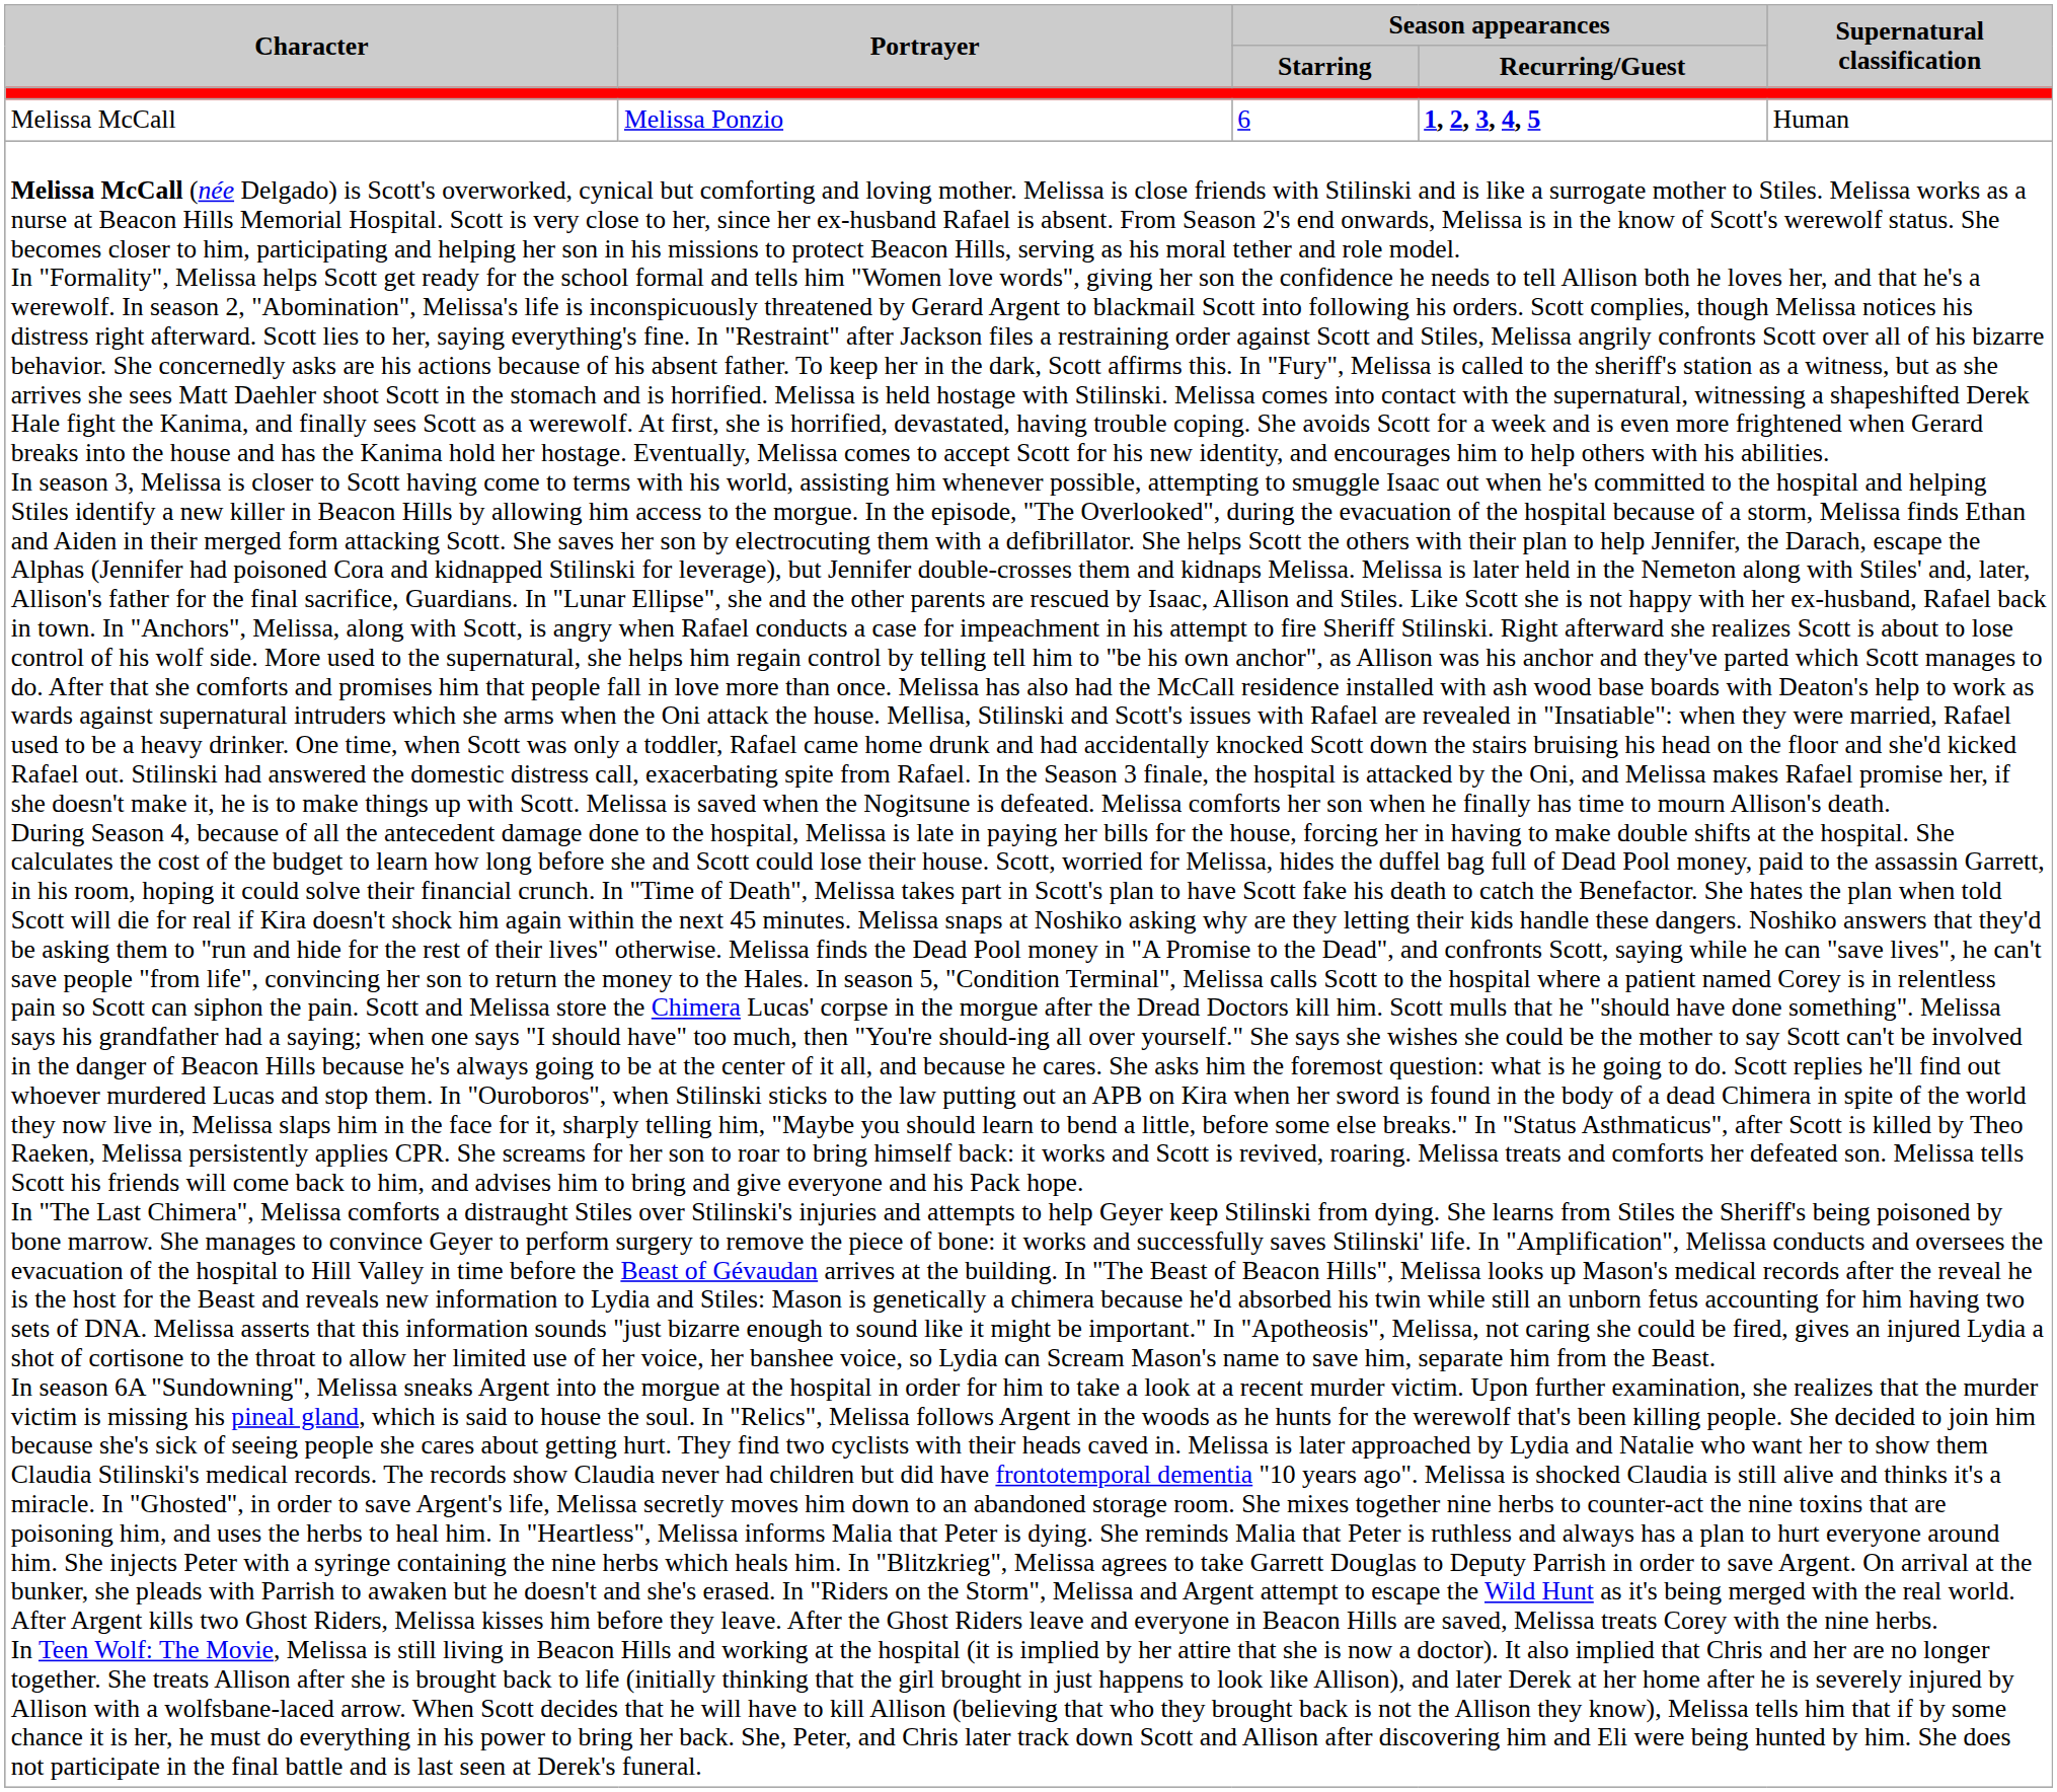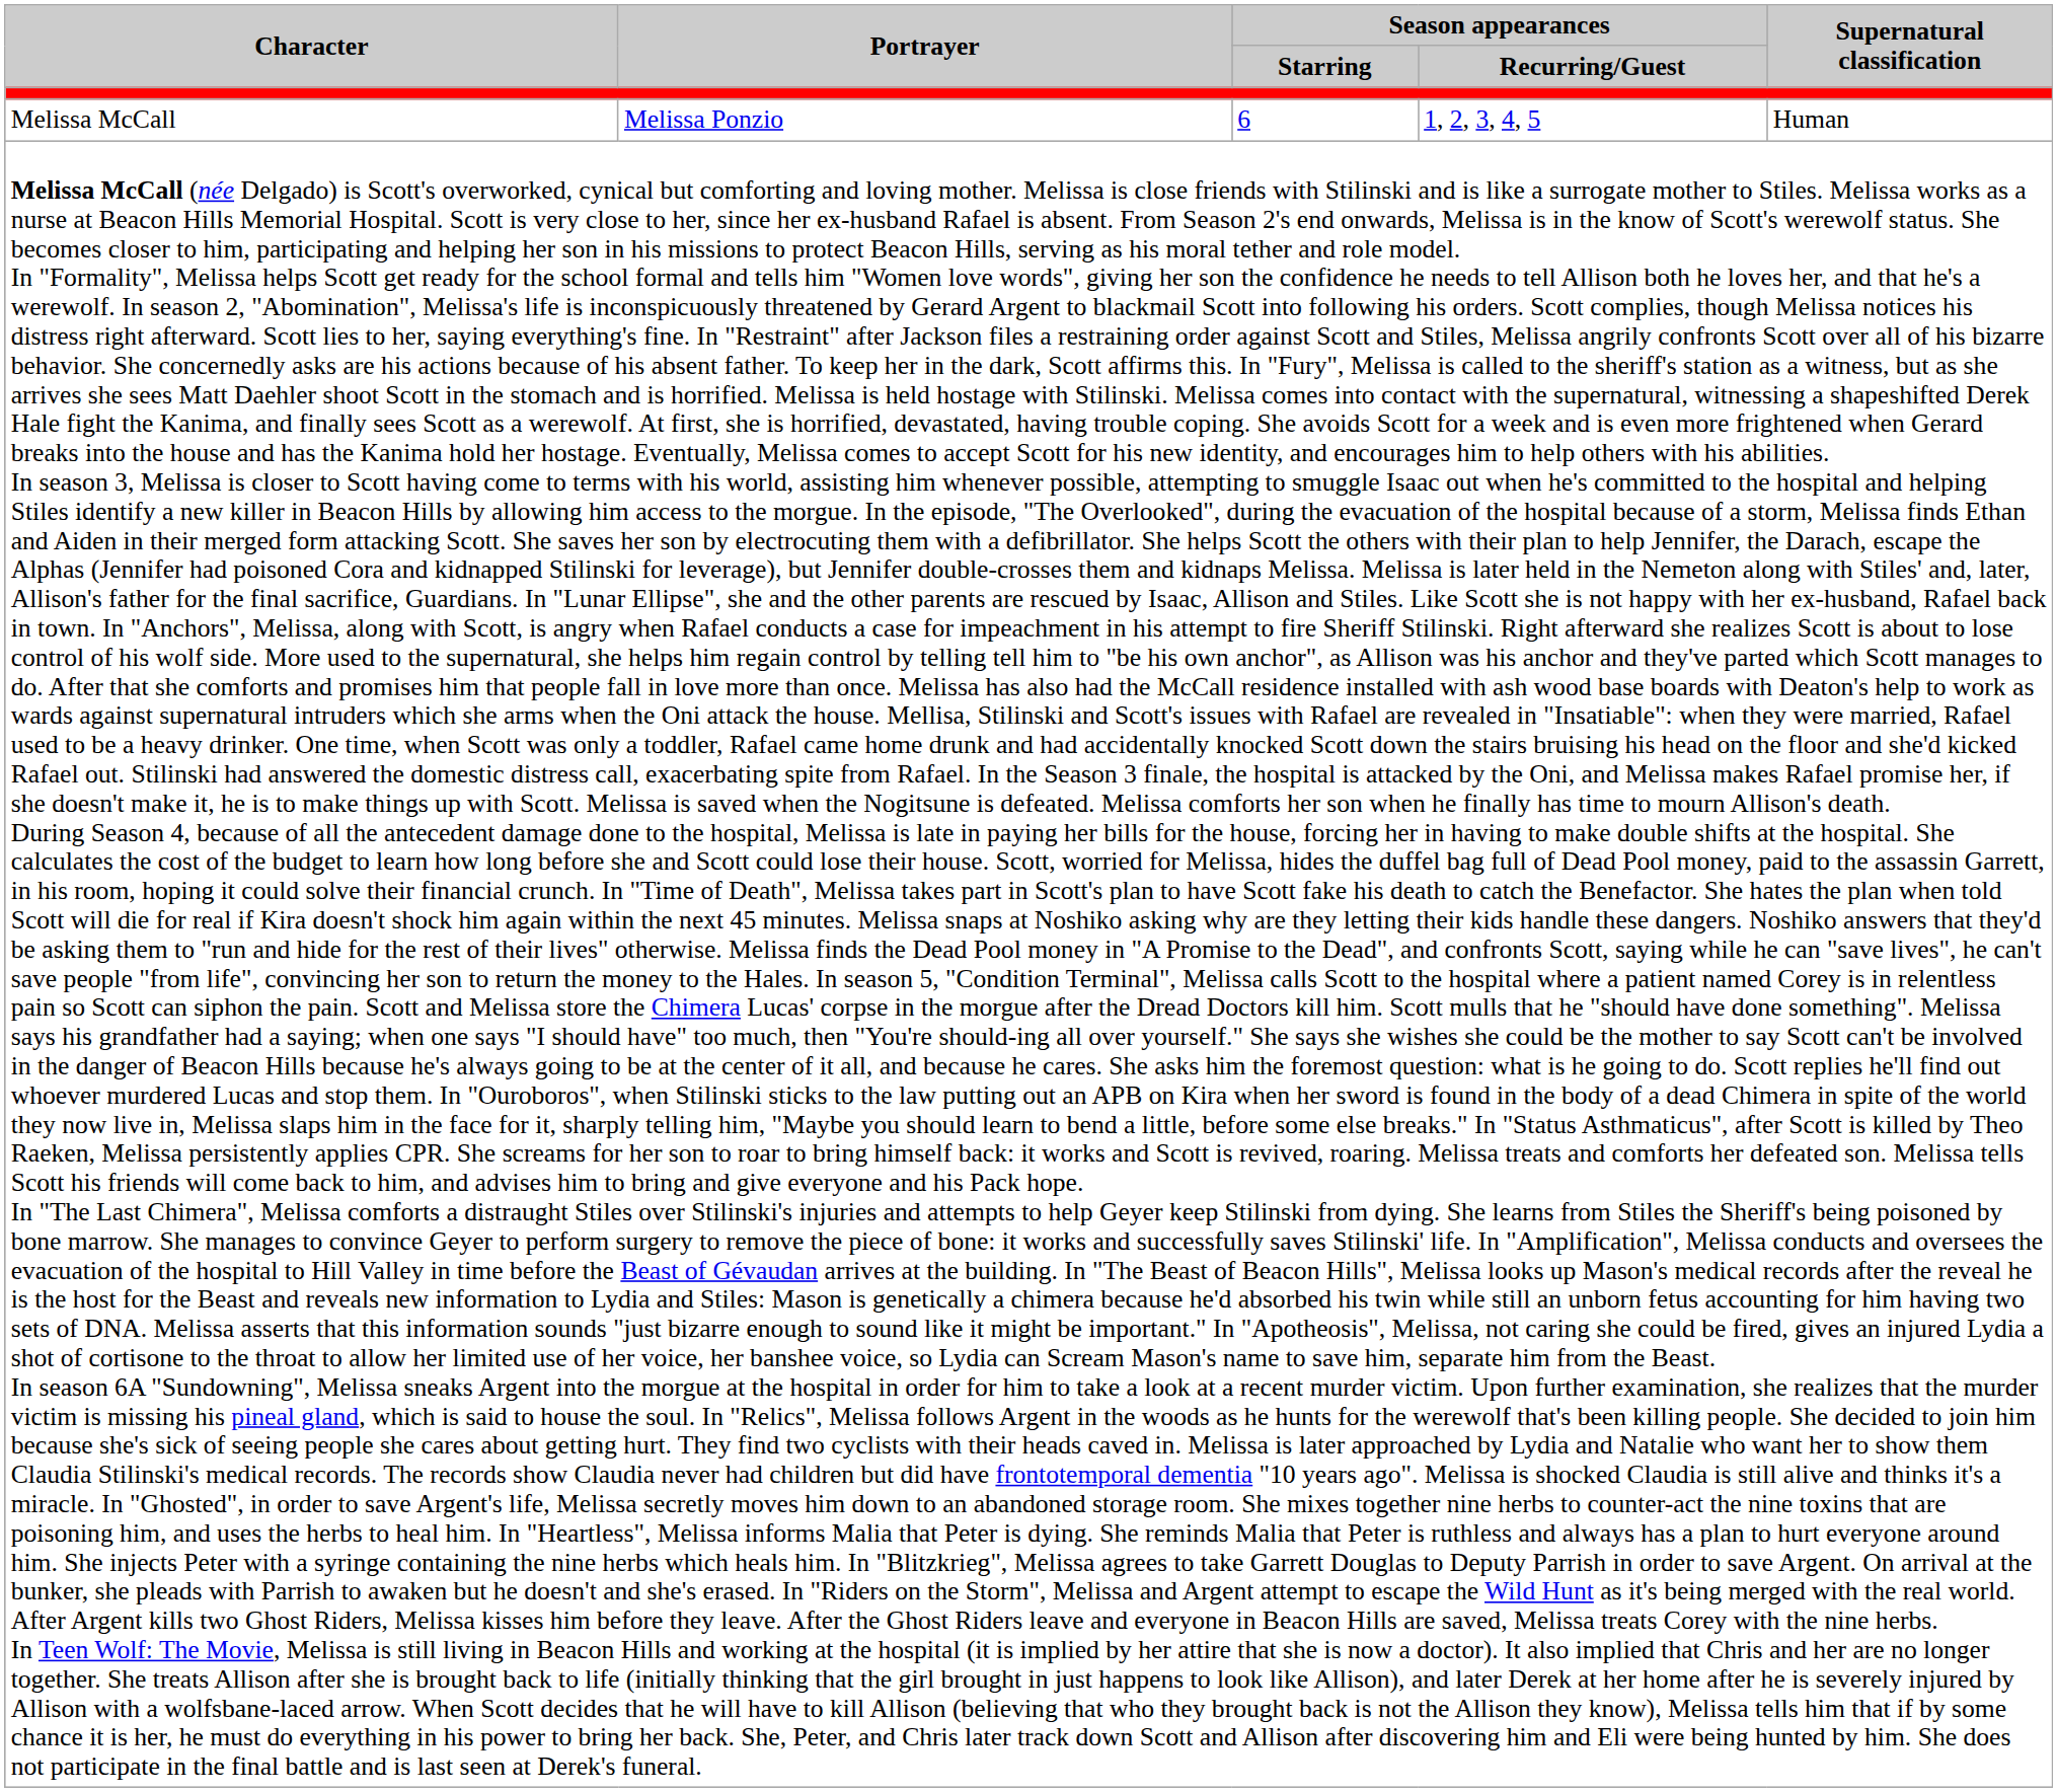 <table class="wikitable sortable" style="width:100%; margin-right:auto; background:#fff;">
 <tr style="color:black">
 <th rowspan="2" style="background:#ccc; width:16%;">Character</th>
 <th rowspan="2" style="background:#ccc; width:16%;">Portrayer</th>
 <th colspan="2" style="background:#ccc; width:13%;">Season appearances</th>
 <th rowspan="2" style="background:#ccc; width:7%;">Supernatural classification</th>
 </tr>
 <tr>
 <th style="background:#ccc;">Starring</th>
 <th style="background:#ccc;">Recurring/Guest</th>
 </tr>
 <tr>
 <td colspan="5" style="background:red;"></td>
 </tr>
 <tr>
 <td id="Melissa">Melissa McCall</td>
 <td><a href='#'>Melissa Ponzio</a></td>
 <td><a href='#'>6</a></td>
-<td><strong><a href='#'>1</a>, <a href='#'>2</a>, <a href='#'>3</a>, <a href='#'>4</a>, <a href='#'>5</a></strong></td>
+<td><a href='#'>1</a>, <a href='#'>2</a>, <a href='#'>3</a>, <a href='#'>4</a>, <a href='#'>5</a></td>
 <td>Human</td>
 </tr>
 <tr>
 <td colspan=5><br><strong>Melissa McCall</strong> (<em><a href='#'>née</a></em> Delgado) is Scott's overworked, cynical but comforting and loving mother. Melissa is close friends with Stilinski and is like a surrogate mother to Stiles. Melissa works as a nurse at Beacon Hills Memorial Hospital. Scott is very close to her, since her ex-husband Rafael is absent. From Season 2's end onwards, Melissa is in the know of Scott's werewolf status. She becomes closer to him, participating and helping her son in his missions to protect Beacon Hills, serving as his moral tether and role model.<br>In "Formality", Melissa helps Scott get ready for the school formal and tells him "Women love words", giving her son the confidence he needs to tell Allison both he loves her, and that he's a werewolf. In season 2, "Abomination", Melissa's life is inconspicuously threatened by Gerard Argent to blackmail Scott into following his orders. Scott complies, though Melissa notices his distress right afterward. Scott lies to her, saying everything's fine. In "Restraint" after Jackson files a restraining order against Scott and Stiles, Melissa angrily confronts Scott over all of his bizarre behavior. She concernedly asks are his actions because of his absent father. To keep her in the dark, Scott affirms this. In "Fury", Melissa is called to the sheriff's station as a witness, but as she arrives she sees Matt Daehler shoot Scott in the stomach and is horrified. Melissa is held hostage with Stilinski. Melissa comes into contact with the supernatural, witnessing a shapeshifted Derek Hale fight the Kanima, and finally sees Scott as a werewolf. At first, she is horrified, devastated, having trouble coping. She avoids Scott for a week and is even more frightened when Gerard breaks into the house and has the Kanima hold her hostage. Eventually, Melissa comes to accept Scott for his new identity, and encourages him to help others with his abilities.<br>In season 3, Melissa is closer to Scott having come to terms with his world, assisting him whenever possible, attempting to smuggle Isaac out when he's committed to the hospital and helping Stiles identify a new killer in Beacon Hills by allowing him access to the morgue. In the episode, "The Overlooked", during the evacuation of the hospital because of a storm, Melissa finds Ethan and Aiden in their merged form attacking Scott. She saves her son by electrocuting them with a defibrillator. She helps Scott the others with their plan to help Jennifer, the Darach, escape the Alphas (Jennifer had poisoned Cora and kidnapped Stilinski for leverage), but Jennifer double-crosses them and kidnaps Melissa. Melissa is later held in the Nemeton along with Stiles' and, later, Allison's father for the final sacrifice, Guardians. In "Lunar Ellipse", she and the other parents are rescued by Isaac, Allison and Stiles. Like Scott she is not happy with her ex-husband, Rafael back in town. In "Anchors", Melissa, along with Scott, is angry when Rafael conducts a case for impeachment in his attempt to fire Sheriff Stilinski. Right afterward she realizes Scott is about to lose control of his wolf side. More used to the supernatural, she helps him regain control by telling tell him to "be his own anchor", as Allison was his anchor and they've parted which Scott manages to do. After that she comforts and promises him that people fall in love more than once. Melissa has also had the McCall residence installed with ash wood base boards with Deaton's help to work as wards against supernatural intruders which she arms when the Oni attack the house. Mellisa, Stilinski and Scott's issues with Rafael are revealed in "Insatiable": when they were married, Rafael used to be a heavy drinker. One time, when Scott was only a toddler, Rafael came home drunk and had accidentally knocked Scott down the stairs bruising his head on the floor and she'd kicked Rafael out. Stilinski had answered the domestic distress call, exacerbating spite from Rafael. In the Season 3 finale, the hospital is attacked by the Oni, and Melissa makes Rafael promise her, if she doesn't make it, he is to make things up with Scott. Melissa is saved when the Nogitsune is defeated. Melissa comforts her son when he finally has time to mourn Allison's death.<br>During Season 4, because of all the antecedent damage done to the hospital, Melissa is late in paying her bills for the house, forcing her in having to make double shifts at the hospital. She calculates the cost of the budget to learn how long before she and Scott could lose their house. Scott, worried for Melissa, hides the duffel bag full of Dead Pool money, paid to the assassin Garrett, in his room, hoping it could solve their financial crunch. In "Time of Death", Melissa takes part in Scott's plan to have Scott fake his death to catch the Benefactor. She hates the plan when told Scott will die for real if Kira doesn't shock him again within the next 45 minutes. Melissa snaps at Noshiko asking why are they letting their kids handle these dangers. Noshiko answers that they'd be asking them to "run and hide for the rest of their lives" otherwise. Melissa finds the Dead Pool money in "A Promise to the Dead", and confronts Scott, saying while he can "save lives", he can't save people "from life", convincing her son to return the money to the Hales. In season 5, "Condition Terminal", Melissa calls Scott to the hospital where a patient named Corey is in relentless pain so Scott can siphon the pain. Scott and Melissa store the <a href='#'>Chimera</a> Lucas' corpse in the morgue after the Dread Doctors kill him. Scott mulls that he "should have done something". Melissa says his grandfather had a saying; when one says "I should have" too much, then "You're should-ing all over yourself." She says she wishes she could be the mother to say Scott can't be involved in the danger of Beacon Hills because he's always going to be at the center of it all, and because he cares. She asks him the foremost question: what is he going to do. Scott replies he'll find out whoever murdered Lucas and stop them. In "Ouroboros", when Stilinski sticks to the law putting out an APB on Kira when her sword is found in the body of a dead Chimera in spite of the world they now live in, Melissa slaps him in the face for it, sharply telling him, "Maybe you should learn to bend a little, before some else breaks." In "Status Asthmaticus", after Scott is killed by Theo Raeken, Melissa persistently applies CPR. She screams for her son to roar to bring himself back: it works and Scott is revived, roaring. Melissa treats and comforts her defeated son. Melissa tells Scott his friends will come back to him, and advises him to bring and give everyone and his Pack hope.<br>In "The Last Chimera", Melissa comforts a distraught Stiles over Stilinski's injuries and attempts to help Geyer keep Stilinski from dying. She learns from Stiles the Sheriff's being poisoned by bone marrow. She manages to convince Geyer to perform surgery to remove the piece of bone: it works and successfully saves Stilinski' life. In "Amplification", Melissa conducts and oversees the evacuation of the hospital to Hill Valley in time before the <a href='#'>Beast of Gévaudan</a> arrives at the building. In "The Beast of Beacon Hills", Melissa looks up Mason's medical records after the reveal he is the host for the Beast and reveals new information to Lydia and Stiles: Mason is genetically a chimera because he'd absorbed his twin while still an unborn fetus accounting for him having two sets of DNA. Melissa asserts that this information sounds "just bizarre enough to sound like it might be important." In "Apotheosis", Melissa, not caring she could be fired, gives an injured Lydia a shot of cortisone to the throat to allow her limited use of her voice, her banshee voice, so Lydia can Scream Mason's name to save him, separate him from the Beast.<br>In season 6A "Sundowning", Melissa sneaks Argent into the morgue at the hospital in order for him to take a look at a recent murder victim. Upon further examination, she realizes that the murder victim is missing his <a href='#'>pineal gland</a>, which is said to house the soul. In "Relics", Melissa follows Argent in the woods as he hunts for the werewolf that's been killing people. She decided to join him because she's sick of seeing people she cares about getting hurt. They find two cyclists with their heads caved in. Melissa is later approached by Lydia and Natalie who want her to show them Claudia Stilinski's medical records. The records show Claudia never had children but did have <a href='#'>frontotemporal dementia</a> "10 years ago". Melissa is shocked Claudia is still alive and thinks it's a miracle. In "Ghosted", in order to save Argent's life, Melissa secretly moves him down to an abandoned storage room. She mixes together nine herbs to counter-act the nine toxins that are poisoning him, and uses the herbs to heal him. In "Heartless", Melissa informs Malia that Peter is dying. She reminds Malia that Peter is ruthless and always has a plan to hurt everyone around him. She injects Peter with a syringe containing the nine herbs which heals him. In "Blitzkrieg", Melissa agrees to take Garrett Douglas to Deputy Parrish in order to save Argent. On arrival at the bunker, she pleads with Parrish to awaken but he doesn't and she's erased. In "Riders on the Storm", Melissa and Argent attempt to escape the <a href='#'>Wild Hunt</a> as it's being merged with the real world. After Argent kills two Ghost Riders, Melissa kisses him before they leave. After the Ghost Riders leave and everyone in Beacon Hills are saved, Melissa treats Corey with the nine herbs.<br>In <a href='#'>Teen Wolf: The Movie</a>, Melissa is still living in Beacon Hills and working at the hospital (it is implied by her attire that she is now a doctor). It also implied that Chris and her are no longer together. She treats Allison after she is brought back to life (initially thinking that the girl brought in just happens to look like Allison), and later Derek at her home after he is severely injured by Allison with a wolfsbane-laced arrow. When Scott decides that he will have to kill Allison (believing that who they brought back is not the Allison they know), Melissa tells him that if by some chance it is her, he must do everything in his power to bring her back. She, Peter, and Chris later track down Scott and Allison after discovering him and Eli were being hunted by him. She does not participate in the final battle and is last seen at Derek's funeral.</td>
 </tr>
 </table>
